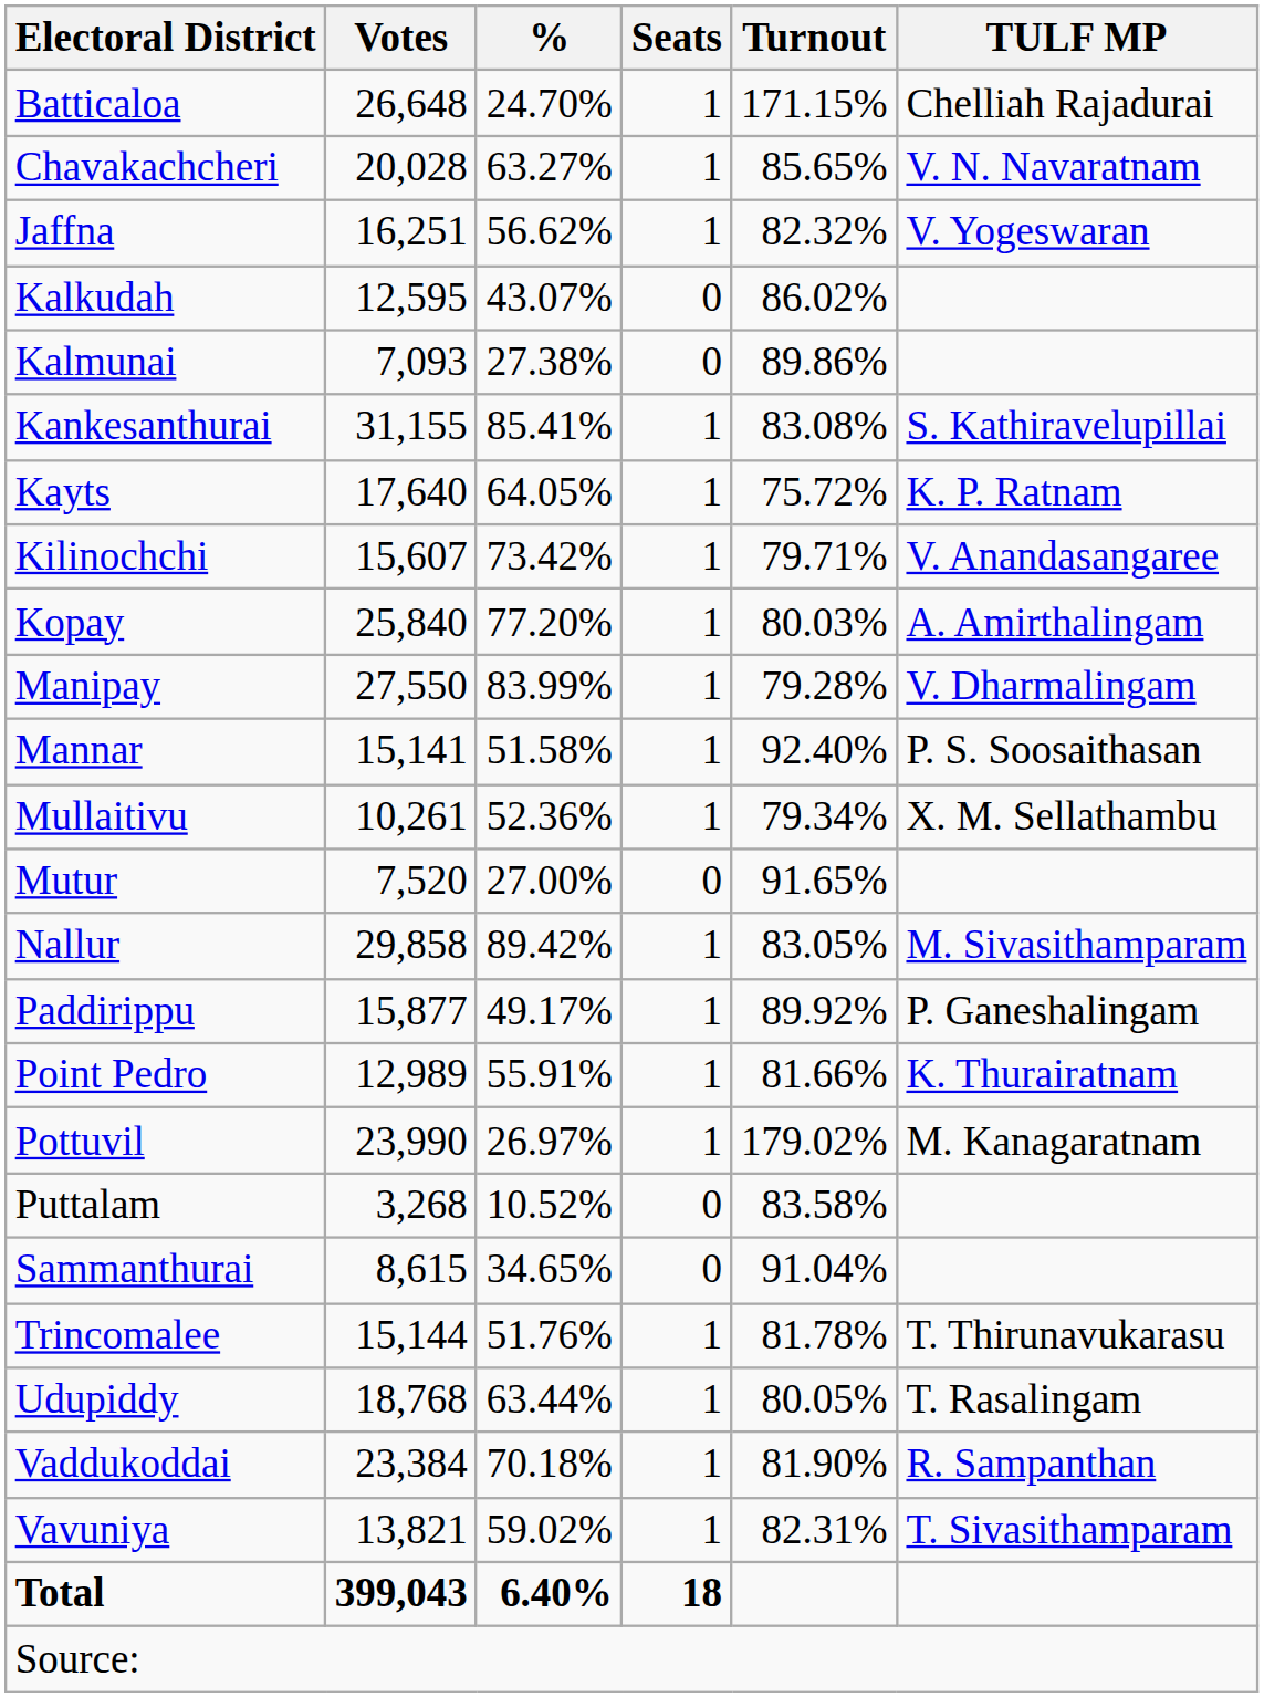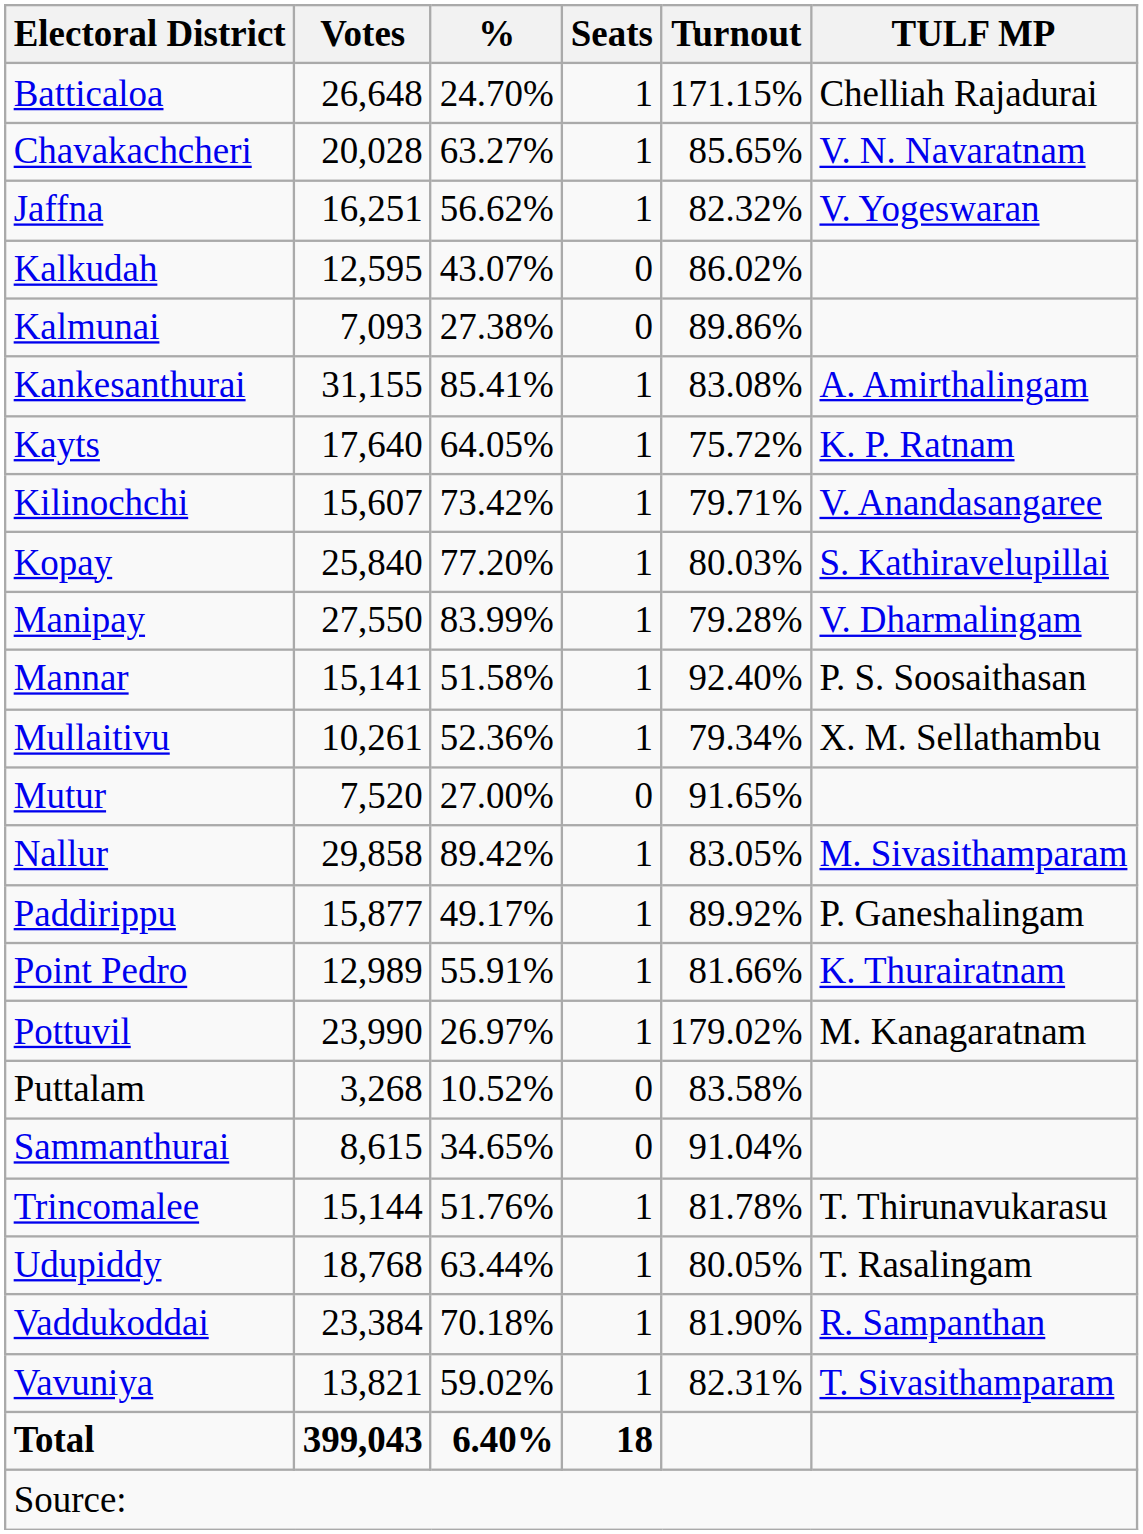 <table class="wikitable" border="1">
 <tr>
 <th>Electoral District</th>
 <th align=right>Votes</th>
 <th align=right>%</th>
 <th align=right>Seats</th>
 <th align=right>Turnout</th>
 <th>TULF MP</th>
 </tr>
 <tr>
 <td><a href='#'>Batticaloa</a></td>
 <td align=right>26,648</td>
 <td align=right>24.70%</td>
 <td align=right>1</td>
 <td align=right>171.15%</td>
 <td>Chelliah Rajadurai</td>
 </tr>
 <tr>
 <td><a href='#'>Chavakachcheri</a></td>
 <td align=right>20,028</td>
 <td align=right>63.27%</td>
 <td align=right>1</td>
 <td align=right>85.65%</td>
 <td><a href='#'>V. N. Navaratnam</a></td>
 </tr>
 <tr>
 <td><a href='#'>Jaffna</a></td>
 <td align=right>16,251</td>
 <td align=right>56.62%</td>
 <td align=right>1</td>
 <td align=right>82.32%</td>
 <td><a href='#'>V. Yogeswaran</a></td>
 </tr>
 <tr>
 <td><a href='#'>Kalkudah</a></td>
 <td align=right>12,595</td>
 <td align=right>43.07%</td>
 <td align=right>0</td>
 <td align=right>86.02%</td>
 <td></td>
 </tr>
 <tr>
 <td><a href='#'>Kalmunai</a></td>
 <td align=right>7,093</td>
 <td align=right>27.38%</td>
 <td align=right>0</td>
 <td align=right>89.86%</td>
 <td></td>
 </tr>
 <tr>
 <td><a href='#'>Kankesanthurai</a></td>
 <td align=right>31,155</td>
 <td align=right>85.41%</td>
 <td align=right>1</td>
 <td align=right>83.08%</td>
-<td><a href='#'>S. Kathiravelupillai</a></td>
+<td><a href='#'>A. Amirthalingam</a></td>
 </tr>
 <tr>
 <td><a href='#'>Kayts</a></td>
 <td align=right>17,640</td>
 <td align=right>64.05%</td>
 <td align=right>1</td>
 <td align=right>75.72%</td>
 <td><a href='#'>K. P. Ratnam</a></td>
 </tr>
 <tr>
 <td><a href='#'>Kilinochchi</a></td>
 <td align=right>15,607</td>
 <td align=right>73.42%</td>
 <td align=right>1</td>
 <td align=right>79.71%</td>
 <td><a href='#'>V. Anandasangaree</a></td>
 </tr>
 <tr>
 <td><a href='#'>Kopay</a></td>
 <td align=right>25,840</td>
 <td align=right>77.20%</td>
 <td align=right>1</td>
 <td align=right>80.03%</td>
-<td><a href='#'>A. Amirthalingam</a></td>
+<td><a href='#'>S. Kathiravelupillai</a></td>
 </tr>
 <tr>
 <td><a href='#'>Manipay</a></td>
 <td align=right>27,550</td>
 <td align=right>83.99%</td>
 <td align=right>1</td>
 <td align=right>79.28%</td>
 <td><a href='#'>V. Dharmalingam</a></td>
 </tr>
 <tr>
 <td><a href='#'>Mannar</a></td>
 <td align=right>15,141</td>
 <td align=right>51.58%</td>
 <td align=right>1</td>
 <td align=right>92.40%</td>
 <td>P. S. Soosaithasan</td>
 </tr>
 <tr>
 <td><a href='#'>Mullaitivu</a></td>
 <td align=right>10,261</td>
 <td align=right>52.36%</td>
 <td align=right>1</td>
 <td align=right>79.34%</td>
 <td>X. M. Sellathambu</td>
 </tr>
 <tr>
 <td><a href='#'>Mutur</a></td>
 <td align=right>7,520</td>
 <td align=right>27.00%</td>
 <td align=right>0</td>
 <td align=right>91.65%</td>
 <td></td>
 </tr>
 <tr>
 <td><a href='#'>Nallur</a></td>
 <td align=right>29,858</td>
 <td align=right>89.42%</td>
 <td align=right>1</td>
 <td align=right>83.05%</td>
 <td><a href='#'>M. Sivasithamparam</a></td>
 </tr>
 <tr>
 <td><a href='#'>Paddirippu</a></td>
 <td align=right>15,877</td>
 <td align=right>49.17%</td>
 <td align=right>1</td>
 <td align=right>89.92%</td>
 <td>P. Ganeshalingam</td>
 </tr>
 <tr>
 <td><a href='#'>Point Pedro</a></td>
 <td align=right>12,989</td>
 <td align=right>55.91%</td>
 <td align=right>1</td>
 <td align=right>81.66%</td>
 <td><a href='#'>K. Thurairatnam</a></td>
 </tr>
 <tr>
 <td><a href='#'>Pottuvil</a></td>
 <td align=right>23,990</td>
 <td align=right>26.97%</td>
 <td align=right>1</td>
 <td align=right>179.02%</td>
 <td>M. Kanagaratnam</td>
 </tr>
 <tr>
 <td>Puttalam</td>
 <td align=right>3,268</td>
 <td align=right>10.52%</td>
 <td align=right>0</td>
 <td align=right>83.58%</td>
 <td></td>
 </tr>
 <tr>
 <td><a href='#'>Sammanthurai</a></td>
 <td align=right>8,615</td>
 <td align=right>34.65%</td>
 <td align=right>0</td>
 <td align=right>91.04%</td>
 <td></td>
 </tr>
 <tr>
 <td><a href='#'>Trincomalee</a></td>
 <td align=right>15,144</td>
 <td align=right>51.76%</td>
 <td align=right>1</td>
 <td align=right>81.78%</td>
 <td>T. Thirunavukarasu</td>
 </tr>
 <tr>
 <td><a href='#'>Udupiddy</a></td>
 <td align=right>18,768</td>
 <td align=right>63.44%</td>
 <td align=right>1</td>
 <td align=right>80.05%</td>
 <td>T. Rasalingam</td>
 </tr>
 <tr>
 <td><a href='#'>Vaddukoddai</a></td>
 <td align=right>23,384</td>
 <td align=right>70.18%</td>
 <td align=right>1</td>
 <td align=right>81.90%</td>
 <td><a href='#'>R. Sampanthan</a></td>
 </tr>
 <tr>
 <td><a href='#'>Vavuniya</a></td>
 <td align=right>13,821</td>
 <td align=right>59.02%</td>
 <td align=right>1</td>
 <td align=right>82.31%</td>
 <td><a href='#'>T. Sivasithamparam</a></td>
 </tr>
 <tr>
 <td><strong>Total</strong></td>
 <td align=right><strong>399,043</strong></td>
 <td align=right><strong>6.40%</strong></td>
 <td align=right><strong>18</strong></td>
 <td></td>
 <td></td>
 </tr>
 <tr>
 <td align=left colspan=6>Source:</td>
 </tr>
 </table>
